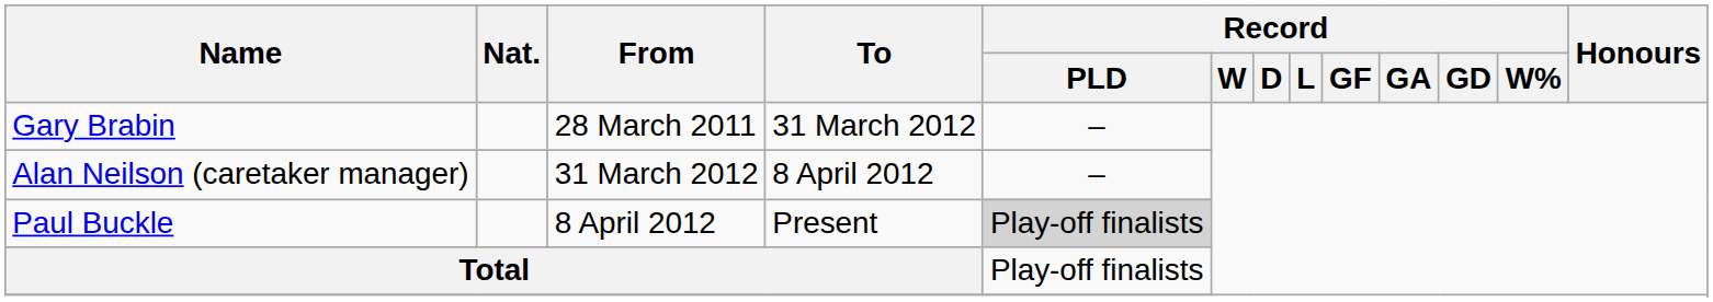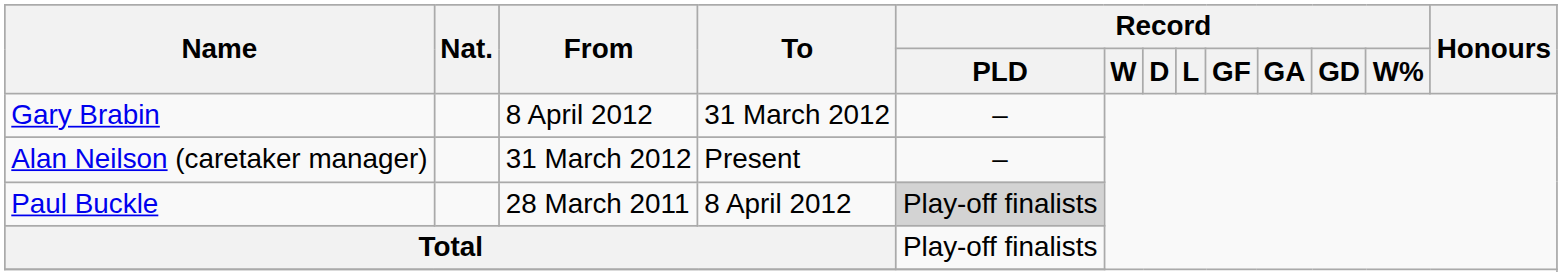 <table class="wikitable" style="text-align: center">
 <tr>
 <th rowspan="2">Name</th>
 <th rowspan="2">Nat.</th>
 <th rowspan="2">From</th>
 <th rowspan="2">To</th>
 <th colspan="8">Record</th>
 <th rowspan="2">Honours</th>
 </tr>
 <tr>
 <th>PLD</th>
 <th>W</th>
 <th>D</th>
 <th>L</th>
 <th>GF</th>
 <th>GA</th>
 <th>GD</th>
 <th>W%</th>
 </tr>
 <tr>
 <td align=left><a href='#'>Gary Brabin</a></td>
 <td></td>
-<td align=left>28 March 2011</td>
+<td align=left>8 April 2012</td>
 <td align=left>31 March 2012<br></td>
 <td>–</td>
 </tr>
 <tr>
 <td align=left><a href='#'>Alan Neilson</a> (caretaker manager)</td>
 <td></td>
 <td align=left>31 March 2012</td>
-<td align=left>8 April 2012<br></td>
+<td align=left>Present<br></td>
 <td>–</td>
 </tr>
 <tr>
 <td align=left><a href='#'>Paul Buckle</a></td>
 <td></td>
-<td align=left>8 April 2012</td>
-<td align=left>Present<br></td>
+<td align=left>28 March 2011</td>
+<td align=left>8 April 2012<br></td>
 <td style="background: lightgrey;">Play-off finalists</td>
 </tr>
 <tr>
 <th colspan="4">Total<br></th>
 <td>Play-off finalists</td>
 </tr>
 <tr>
 </tr>
 </table>
